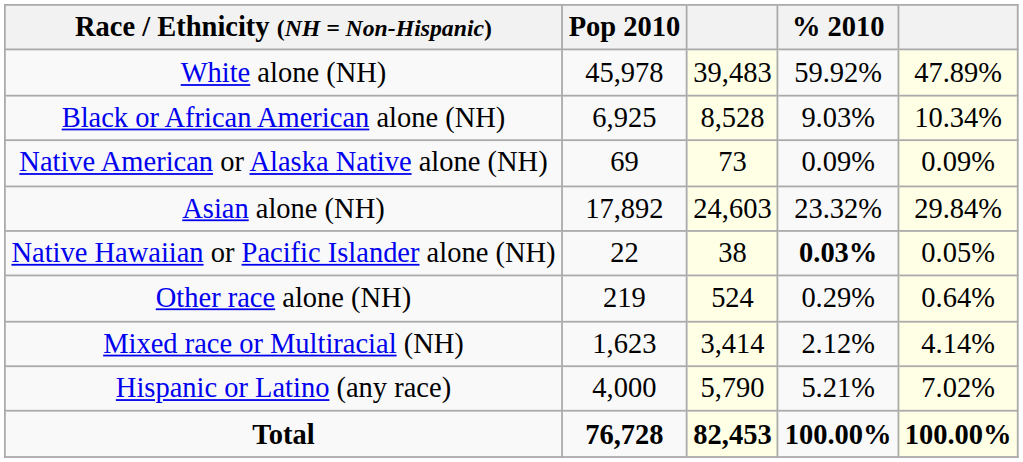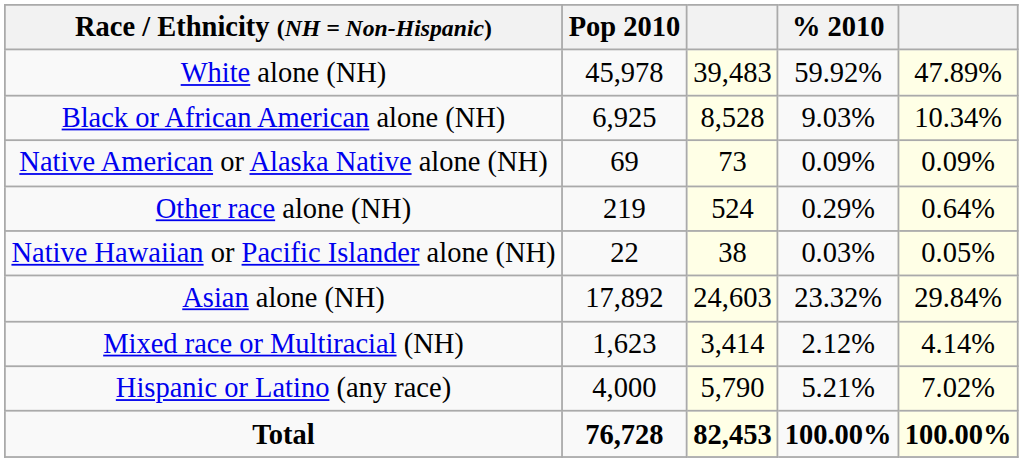 <table class="wikitable" style="text-align:center;">
 <tr>
 <th>Race / Ethnicity <small>(<em>NH = Non-Hispanic</em>)</small></th>
 <th>Pop 2010</th>
 <th></th>
 <th>% 2010</th>
 <th></th>
 </tr>
 <tr>
 <td><a href='#'>White</a> alone (NH)</td>
 <td>45,978</td>
 <td style='background: #ffffe6;'>39,483</td>
 <td>59.92%</td>
 <td style='background: #ffffe6;'>47.89%</td>
 </tr>
 <tr>
 <td><a href='#'>Black or African American</a> alone (NH)</td>
 <td>6,925</td>
 <td style='background: #ffffe6;'>8,528</td>
 <td>9.03%</td>
 <td style='background: #ffffe6;'>10.34%</td>
 </tr>
 <tr>
 <td><a href='#'>Native American</a> or <a href='#'>Alaska Native</a> alone (NH)</td>
 <td>69</td>
 <td style='background: #ffffe6;'>73</td>
 <td>0.09%</td>
 <td style='background: #ffffe6;'>0.09%</td>
 </tr>
 <tr>
+<td><a href='#'>Other race</a> alone (NH)</td>
+<td>219</td>
+<td style='background: #ffffe6;'>524</td>
+<td>0.29%</td>
+<td style='background: #ffffe6;'>0.64%</td>
+</tr>
+<tr>
+<td><a href='#'>Native Hawaiian</a> or <a href='#'>Pacific Islander</a> alone (NH)</td>
+<td>22</td>
+<td style='background: #ffffe6;'>38</td>
+<td>0.03%</td>
+<td style='background: #ffffe6;'>0.05%</td>
+</tr>
+<tr>
 <td><a href='#'>Asian</a> alone (NH)</td>
 <td>17,892</td>
 <td style='background: #ffffe6;'>24,603</td>
 <td>23.32%</td>
 <td style='background: #ffffe6;'>29.84%</td>
-</tr>
-<tr>
-<td><a href='#'>Native Hawaiian</a> or <a href='#'>Pacific Islander</a> alone (NH)</td>
-<td>22</td>
-<td style='background: #ffffe6;'>38</td>
-<td><strong>0.03%</strong></td>
-<td style='background: #ffffe6;'>0.05%</td>
-</tr>
-<tr>
-<td><a href='#'>Other race</a> alone (NH)</td>
-<td>219</td>
-<td style='background: #ffffe6;'>524</td>
-<td>0.29%</td>
-<td style='background: #ffffe6;'>0.64%</td>
 </tr>
 <tr>
 <td><a href='#'>Mixed race or Multiracial</a> (NH)</td>
 <td>1,623</td>
 <td style='background: #ffffe6;'>3,414</td>
 <td>2.12%</td>
 <td style='background: #ffffe6;'>4.14%</td>
 </tr>
 <tr>
 <td><a href='#'>Hispanic or Latino</a> (any race)</td>
 <td>4,000</td>
 <td style='background: #ffffe6;'>5,790</td>
 <td>5.21%</td>
 <td style='background: #ffffe6;'>7.02%</td>
 </tr>
 <tr>
 <td><strong>Total</strong></td>
 <td><strong>76,728</strong></td>
 <td style='background: #ffffe6;'><strong>82,453</strong></td>
 <td><strong>100.00%</strong></td>
 <td style='background: #ffffe6;'><strong>100.00%</strong></td>
 </tr>
 </table>
